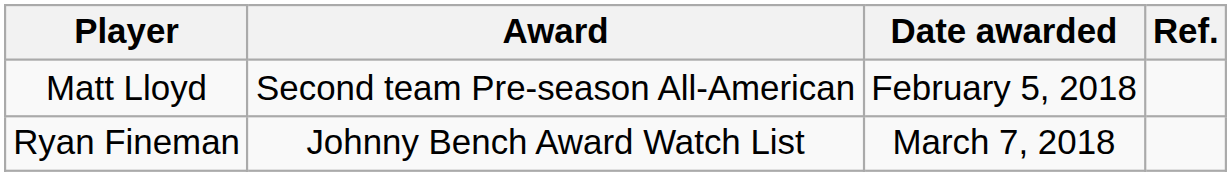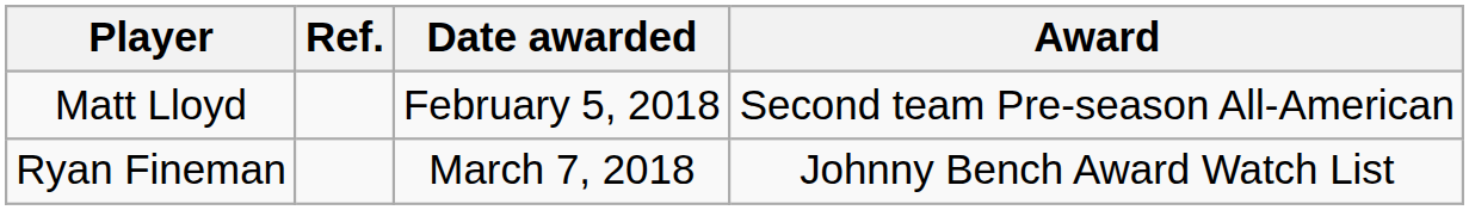 <table class="wikitable sortable sortable" style="text-align: center">
 <tr align=center>
 <th>Player</th>
+<th>Ref.</th>
+<th>Date awarded</th>
 <th>Award</th>
-<th>Date awarded</th>
-<th>Ref.</th>
 </tr>
 <tr>
 <td>Matt Lloyd</td>
+<td rowspan="1"></td>
+<td rowspan="1">February 5, 2018</td>
 <td rowspan="1">Second team Pre-season All-American</td>
-<td rowspan="1">February 5, 2018</td>
-<td rowspan="1"></td>
 </tr>
 <tr>
 <td>Ryan Fineman</td>
+<td rowspan="1"></td>
+<td rowspan="1">March 7, 2018</td>
 <td rowspan="1">Johnny Bench Award Watch List</td>
-<td rowspan="1">March 7, 2018</td>
-<td rowspan="1"></td>
 </tr>
 </table>
